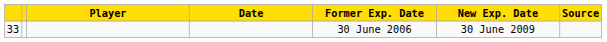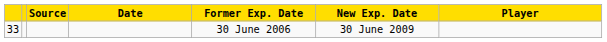 <table class="wikitable sortable">
 <tr>
 <th style="background:#FFDE00"></th>
 <th style="background:#FFDE00"></th>
-<th width=200 style="background:#FFDE00">Player</th>
+<th style="background:#FFDE00">Source</th>
 <th width=150 style="background:#FFDE00">Date</th>
 <th width=150 style="background:#FFDE00">Former Exp. Date</th>
 <th width=150 style="background:#FFDE00">New Exp. Date</th>
-<th style="background:#FFDE00">Source</th>
+<th width=200 style="background:#FFDE00">Player</th>
 </tr>
 <tr>
 <td align=center>33</td>
 <td align=center></td>
-<td></td>
+<td align=center></td>
 <td align=center></td>
 <td align=center>30 June 2006</td>
 <td align=center>30 June 2009</td>
-<td align=center></td>
+<td></td>
 </tr>
 </table>
